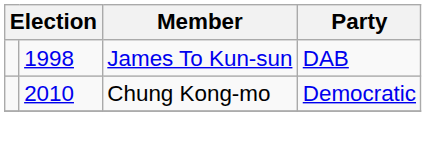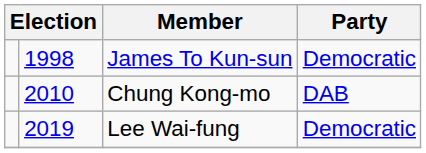 <table class="wikitable">
 <tr>
 <th colspan="2">Election</th>
 <th>Member</th>
 <th>Party</th>
 </tr>
 <tr>
 <td style="background-color: "></td>
 <td><a href='#'>1998</a></td>
 <td><a href='#'>James To Kun-sun</a></td>
-<td><a href='#'>DAB</a></td>
+<td><a href='#'>Democratic</a></td>
 </tr>
 <tr>
 <td style="background-color: "></td>
 <td><a href='#'>2010</a></td>
 <td>Chung Kong-mo</td>
+<td><a href='#'>DAB</a></td>
+</tr>
+<tr>
+<td style="background-color: "></td>
+<td><a href='#'>2019</a></td>
+<td>Lee Wai-fung</td>
 <td><a href='#'>Democratic</a></td>
 </tr>
 <tr>
 </tr>
 </table>
